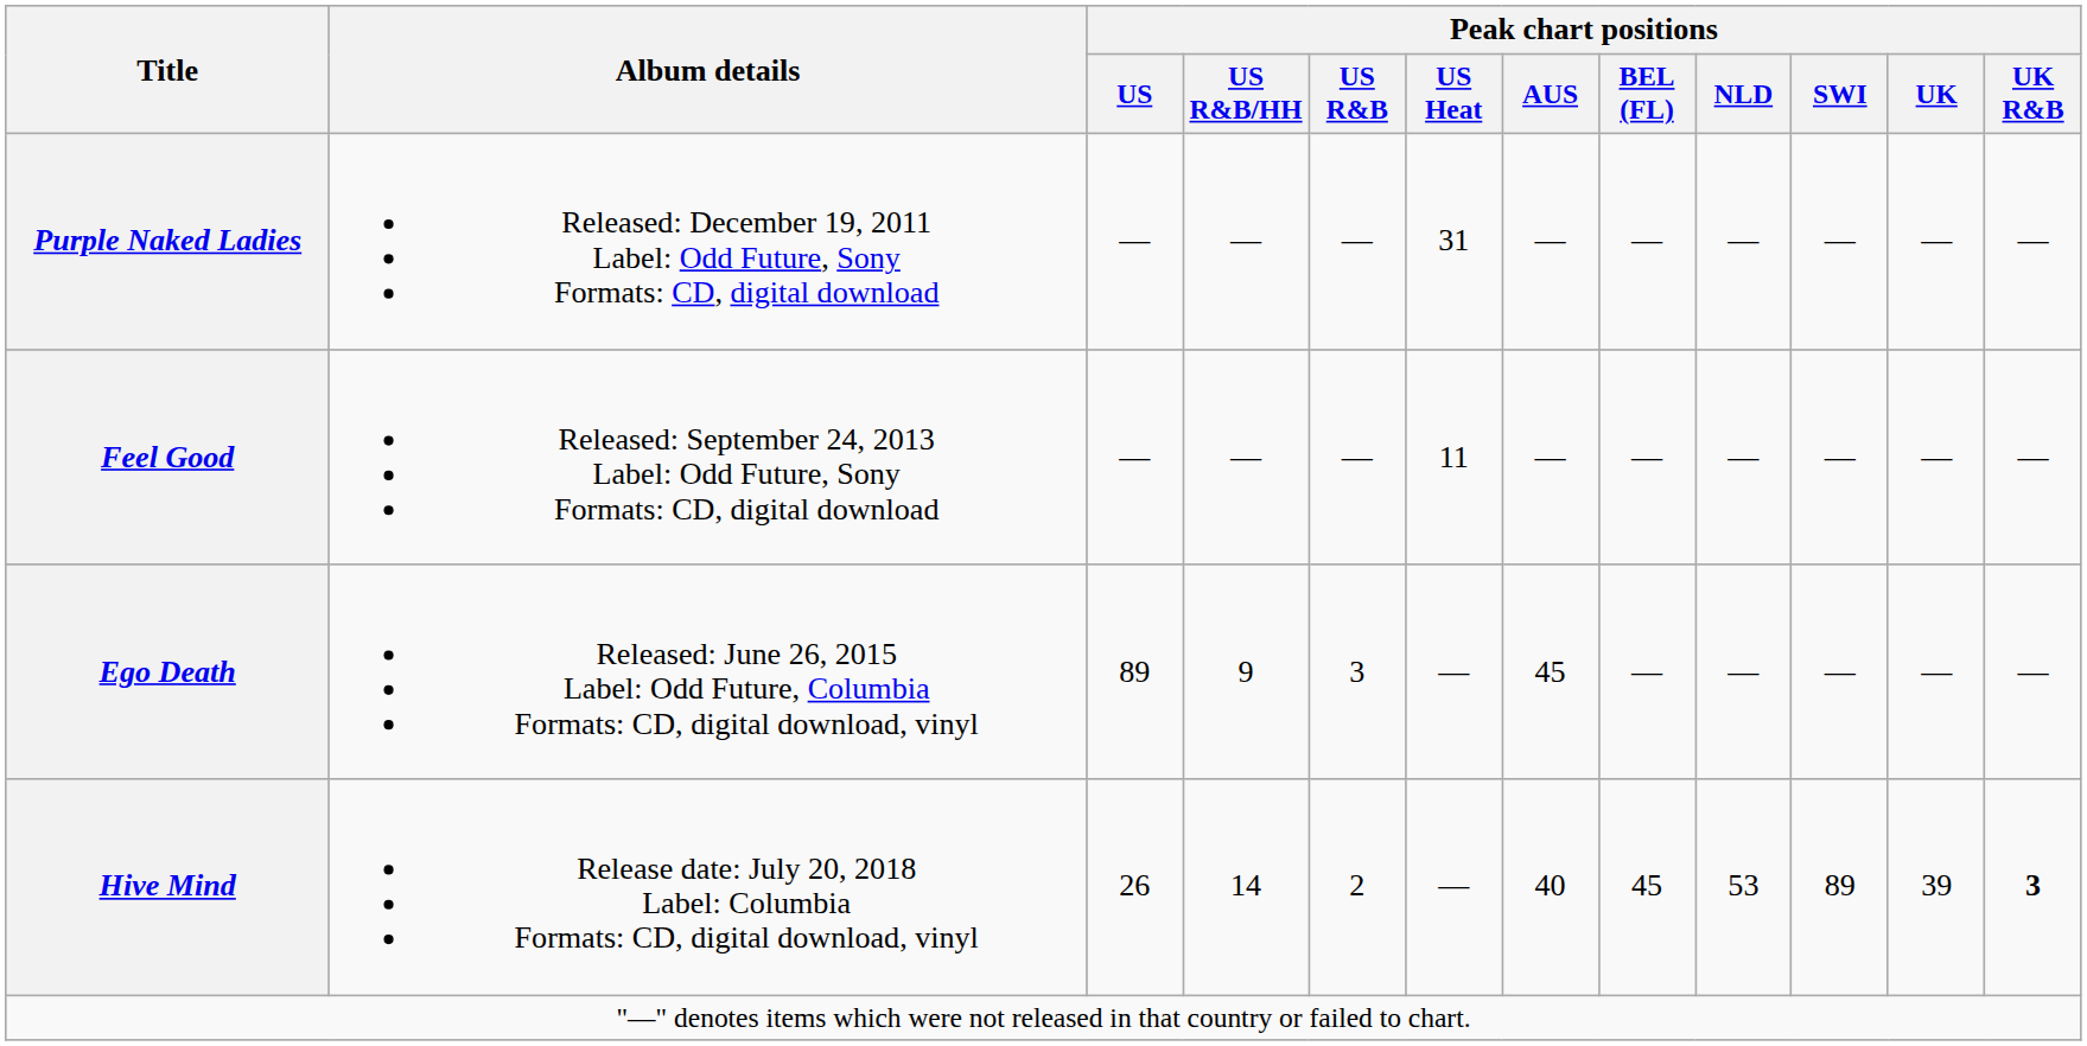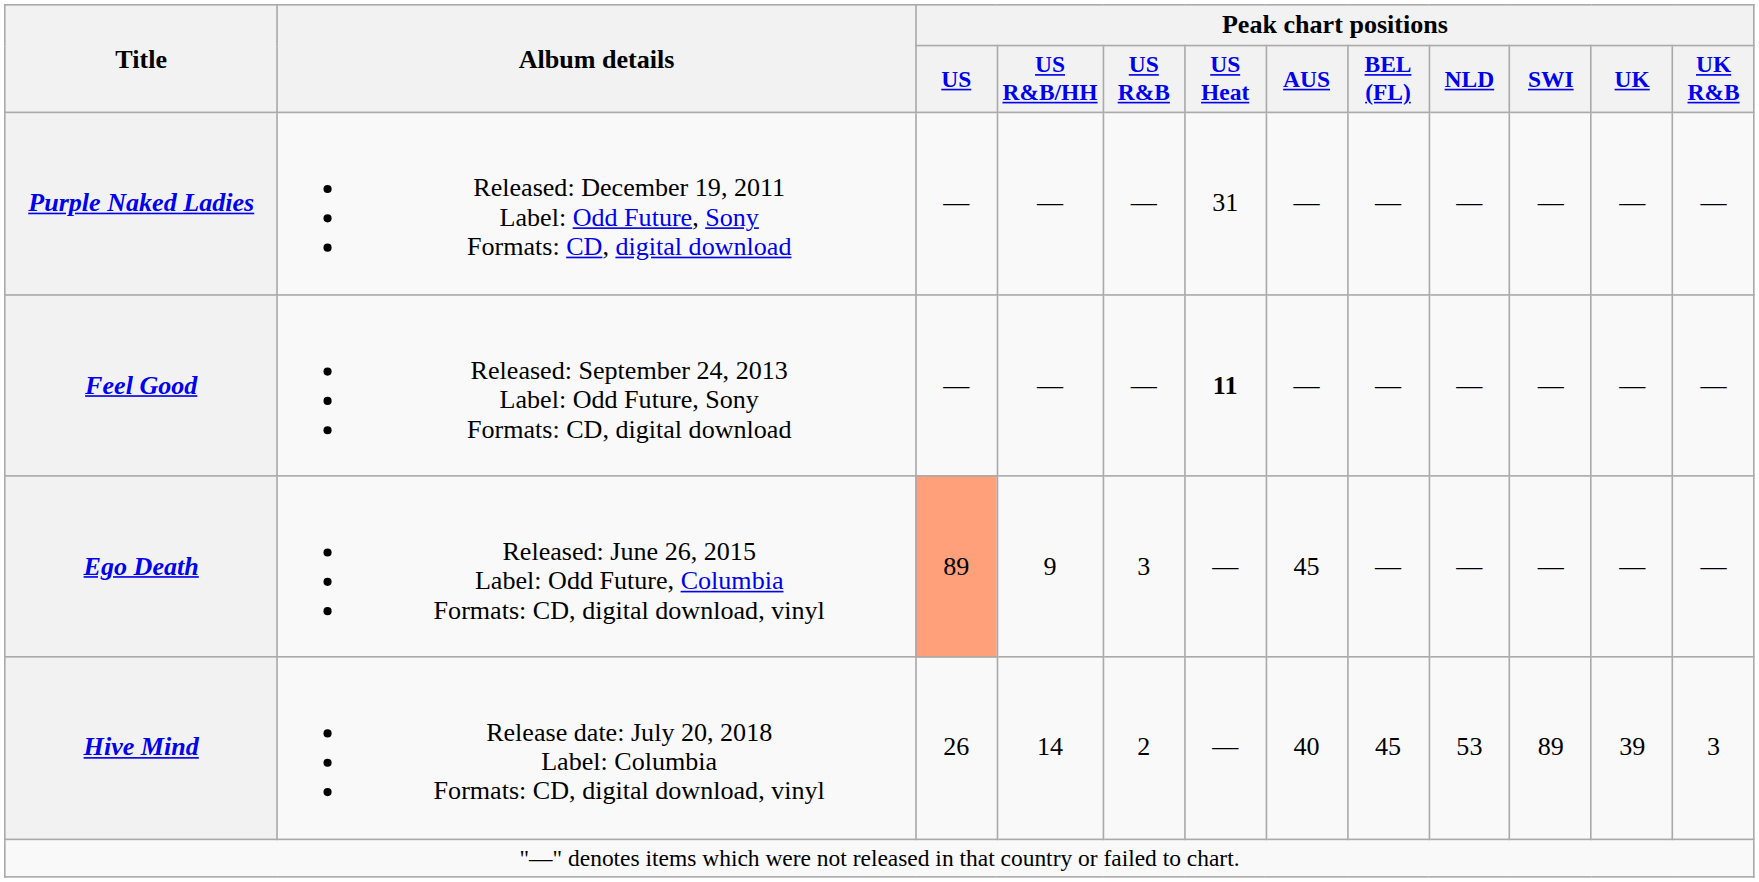 <table class="wikitable plainrowheaders" style="text-align:center;">
 <tr>
 <th scope="col" rowspan="2" style="width:10em;">Title</th>
 <th scope="col" rowspan="2" style="width:24em;">Album details</th>
 <th scope="col" colspan="10">Peak chart positions</th>
 </tr>
 <tr>
 <th scope="col" style="width:3em;font-size:90%;"><a href='#'>US</a></th>
 <th scope="col" style="width:3em;font-size:90%;"><a href='#'>US R&B/HH</a></th>
 <th scope="col" style="width:3em;font-size:90%;"><a href='#'>US R&B</a></th>
 <th scope="col" style="width:3em;font-size:90%;"><a href='#'>US Heat</a></th>
 <th scope="col" style="width:3em;font-size:90%;"><a href='#'>AUS</a></th>
 <th scope="col" style="width:3em;font-size:90%;"><a href='#'>BEL (FL)</a></th>
 <th scope="col" style="width:3em;font-size:90%;"><a href='#'>NLD</a></th>
 <th scope="col" style="width:3em;font-size:90%;"><a href='#'>SWI</a></th>
 <th scope="col" style="width:3em;font-size:90%;"><a href='#'>UK</a></th>
 <th scope="col" style="width:3em;font-size:90%;"><a href='#'>UK R&B</a></th>
 </tr>
 <tr>
 <th scope="row"><em><a href='#'>Purple Naked Ladies</a></em></th>
 <td><br><ul><li>Released: December 19, 2011</li><li>Label: <a href='#'>Odd Future</a>, <a href='#'>Sony</a></li><li>Formats: <a href='#'>CD</a>, <a href='#'>digital download</a></li></ul></td>
 <td>—</td>
 <td>—</td>
 <td>—</td>
 <td>31</td>
 <td>—</td>
 <td>—</td>
 <td>—</td>
 <td>—</td>
 <td>—</td>
 <td>—</td>
 </tr>
 <tr>
 <th scope="row"><em><a href='#'>Feel Good</a></em></th>
 <td><br><ul><li>Released: September 24, 2013</li><li>Label: Odd Future, Sony</li><li>Formats: CD, digital download</li></ul></td>
 <td>—</td>
 <td>—</td>
 <td>—</td>
-<td>11</td>
+<td><strong>11</strong></td>
 <td>—</td>
 <td>—</td>
 <td>—</td>
 <td>—</td>
 <td>—</td>
 <td>—</td>
 </tr>
 <tr>
 <th scope="row"><em><a href='#'>Ego Death</a></em></th>
 <td><br><ul><li>Released: June 26, 2015</li><li>Label: Odd Future, <a href='#'>Columbia</a></li><li>Formats: CD, digital download, vinyl</li></ul></td>
-<td>89</td>
+<td style="background: lightsalmon;">89</td>
 <td>9</td>
 <td>3</td>
 <td>—</td>
 <td>45</td>
 <td>—</td>
 <td>—</td>
 <td>—</td>
 <td>—</td>
 <td>—</td>
 </tr>
 <tr>
 <th scope="row"><em><a href='#'>Hive Mind</a></em></th>
 <td><br><ul><li>Release date: July 20, 2018</li><li>Label: Columbia</li><li>Formats: CD, digital download, vinyl</li></ul></td>
 <td>26</td>
 <td>14</td>
 <td>2</td>
 <td>—</td>
 <td>40</td>
 <td>45</td>
 <td>53</td>
 <td>89</td>
 <td>39</td>
-<td><strong>3</strong></td>
+<td>3</td>
 </tr>
 <tr>
 <td colspan="14" style="font-size:90%;">"—" denotes items which were not released in that country or failed to chart.</td>
 </tr>
 </table>
